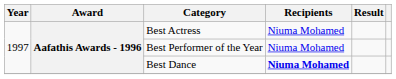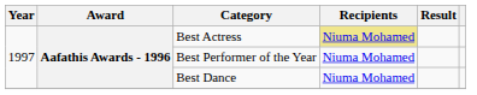 <table class="wikitable plainrowheaders sortable">
 <tr>
 <th scope="col">Year</th>
 <th scope="col">Award</th>
 <th scope="col">Category</th>
 <th scope="col">Recipients</th>
 <th scope="col">Result</th>
 <th scope="col" class="unsortable"></th>
 </tr>
 <tr>
 <td rowspan="3">1997</td>
 <th scope="row" rowspan="3">Aafathis Awards - 1996</th>
 <td>Best Actress</td>
-<td><a href='#'>Niuma Mohamed</a></td>
+<td style="background: khaki;"><a href='#'>Niuma Mohamed</a></td>
 <td></td>
 <td style="text-align:center;"></td>
 </tr>
 <tr>
 <td>Best Performer of the Year</td>
 <td><a href='#'>Niuma Mohamed</a></td>
 <td></td>
 <td style="text-align:center;"></td>
 </tr>
 <tr>
 <td>Best Dance</td>
-<td><strong><a href='#'>Niuma Mohamed</a></strong></td>
+<td><a href='#'>Niuma Mohamed</a></td>
 <td></td>
 <td style="text-align:center;"></td>
 </tr>
 <tr>
 </tr>
 </table>
